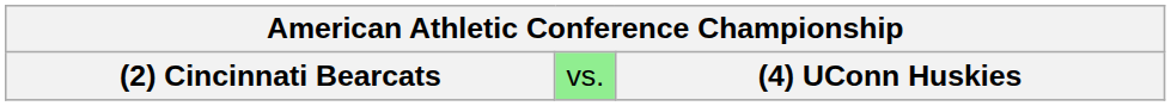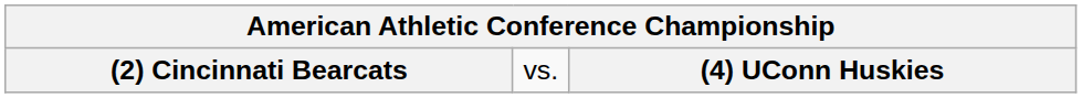 <table class="wikitable">
 <tr>
 <th style="width: 604px;" colspan=3>American Athletic Conference Championship</th>
 </tr>
 <tr>
 <th style="width: 289px; ">(2) Cincinnati Bearcats</th>
-<td style="background: lightgreen; width: 25px; text-align:center">vs.</td>
+<td style="width: 25px; text-align:center">vs.</td>
 <th style="width: 289px; ">(4) UConn Huskies</th>
 </tr>
 </table>
